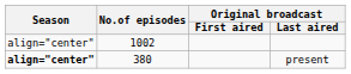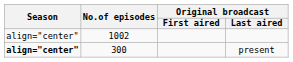 <table class="wikitable" style="text-align:center">
 <tr>
 <th style="padding: 0 8px" rowspan="2">Season</th>
 <th rowspan="2">No.of episodes</th>
 <th colspan="2">Original broadcast</th>
 </tr>
 <tr>
 <th style="padding: 0 8px">First aired</th>
 <th style="padding: 0 8px">Last aired</th>
 </tr>
 <tr>
 <td>align="center" </td>
 <td style="text-align:center;">1002</td>
 <td style="text-align:center;"></td>
 <td style="text-align:center;"></td>
 </tr>
 <tr>
 <td><strong>align="center" </strong></td>
-<td style="text-align:center;">380</td>
+<td style="text-align:center;">300</td>
 <td style="text-align:center;"></td>
 <td>present</td>
 </tr>
 </table>
